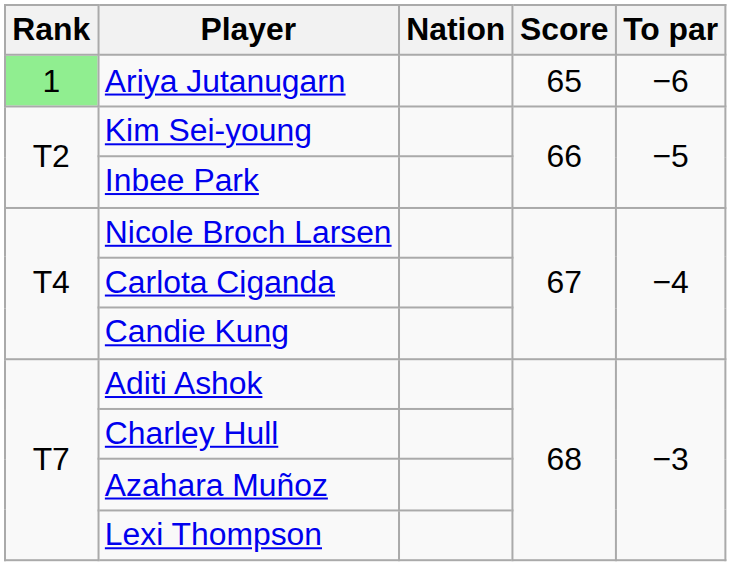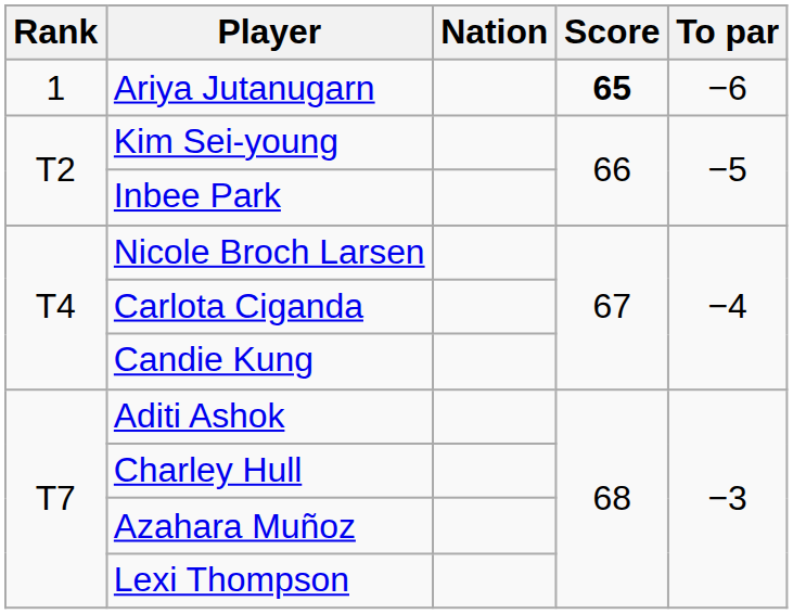 <table class="wikitable">
 <tr>
 <th>Rank</th>
 <th>Player</th>
 <th>Nation</th>
 <th>Score</th>
 <th>To par</th>
 </tr>
 <tr>
-<td align=center style="background: lightgreen;">1</td>
+<td align=center>1</td>
 <td align=left><a href='#'>Ariya Jutanugarn</a></td>
 <td align=left></td>
-<td align=center>65</td>
+<td align=center><strong>65</strong></td>
 <td align=center>−6</td>
 </tr>
 <tr>
 <td align=center rowspan=2>T2</td>
 <td align=left><a href='#'>Kim Sei-young</a></td>
 <td align=left></td>
 <td align=center rowspan=2>66</td>
 <td align=center rowspan=2>−5</td>
 </tr>
 <tr>
 <td align=left><a href='#'>Inbee Park</a></td>
 <td align=left></td>
 </tr>
 <tr>
 <td align=center rowspan=3>T4</td>
 <td align=left><a href='#'>Nicole Broch Larsen</a></td>
 <td align=left></td>
 <td align=center rowspan=3>67</td>
 <td align=center rowspan=3>−4</td>
 </tr>
 <tr>
 <td align=left><a href='#'>Carlota Ciganda</a></td>
 <td align=left></td>
 </tr>
 <tr>
 <td align=left><a href='#'>Candie Kung</a></td>
 <td align=left></td>
 </tr>
 <tr>
 <td align=center rowspan=4>T7</td>
 <td align=left><a href='#'>Aditi Ashok</a></td>
 <td align=left></td>
 <td align=center rowspan=4>68</td>
 <td align=center rowspan=4>−3</td>
 </tr>
 <tr>
 <td align=left><a href='#'>Charley Hull</a></td>
 <td align=left></td>
 </tr>
 <tr>
 <td align=left><a href='#'>Azahara Muñoz</a></td>
 <td align=left></td>
 </tr>
 <tr>
 <td align=left><a href='#'>Lexi Thompson</a></td>
 <td align=left></td>
 </tr>
 </table>
